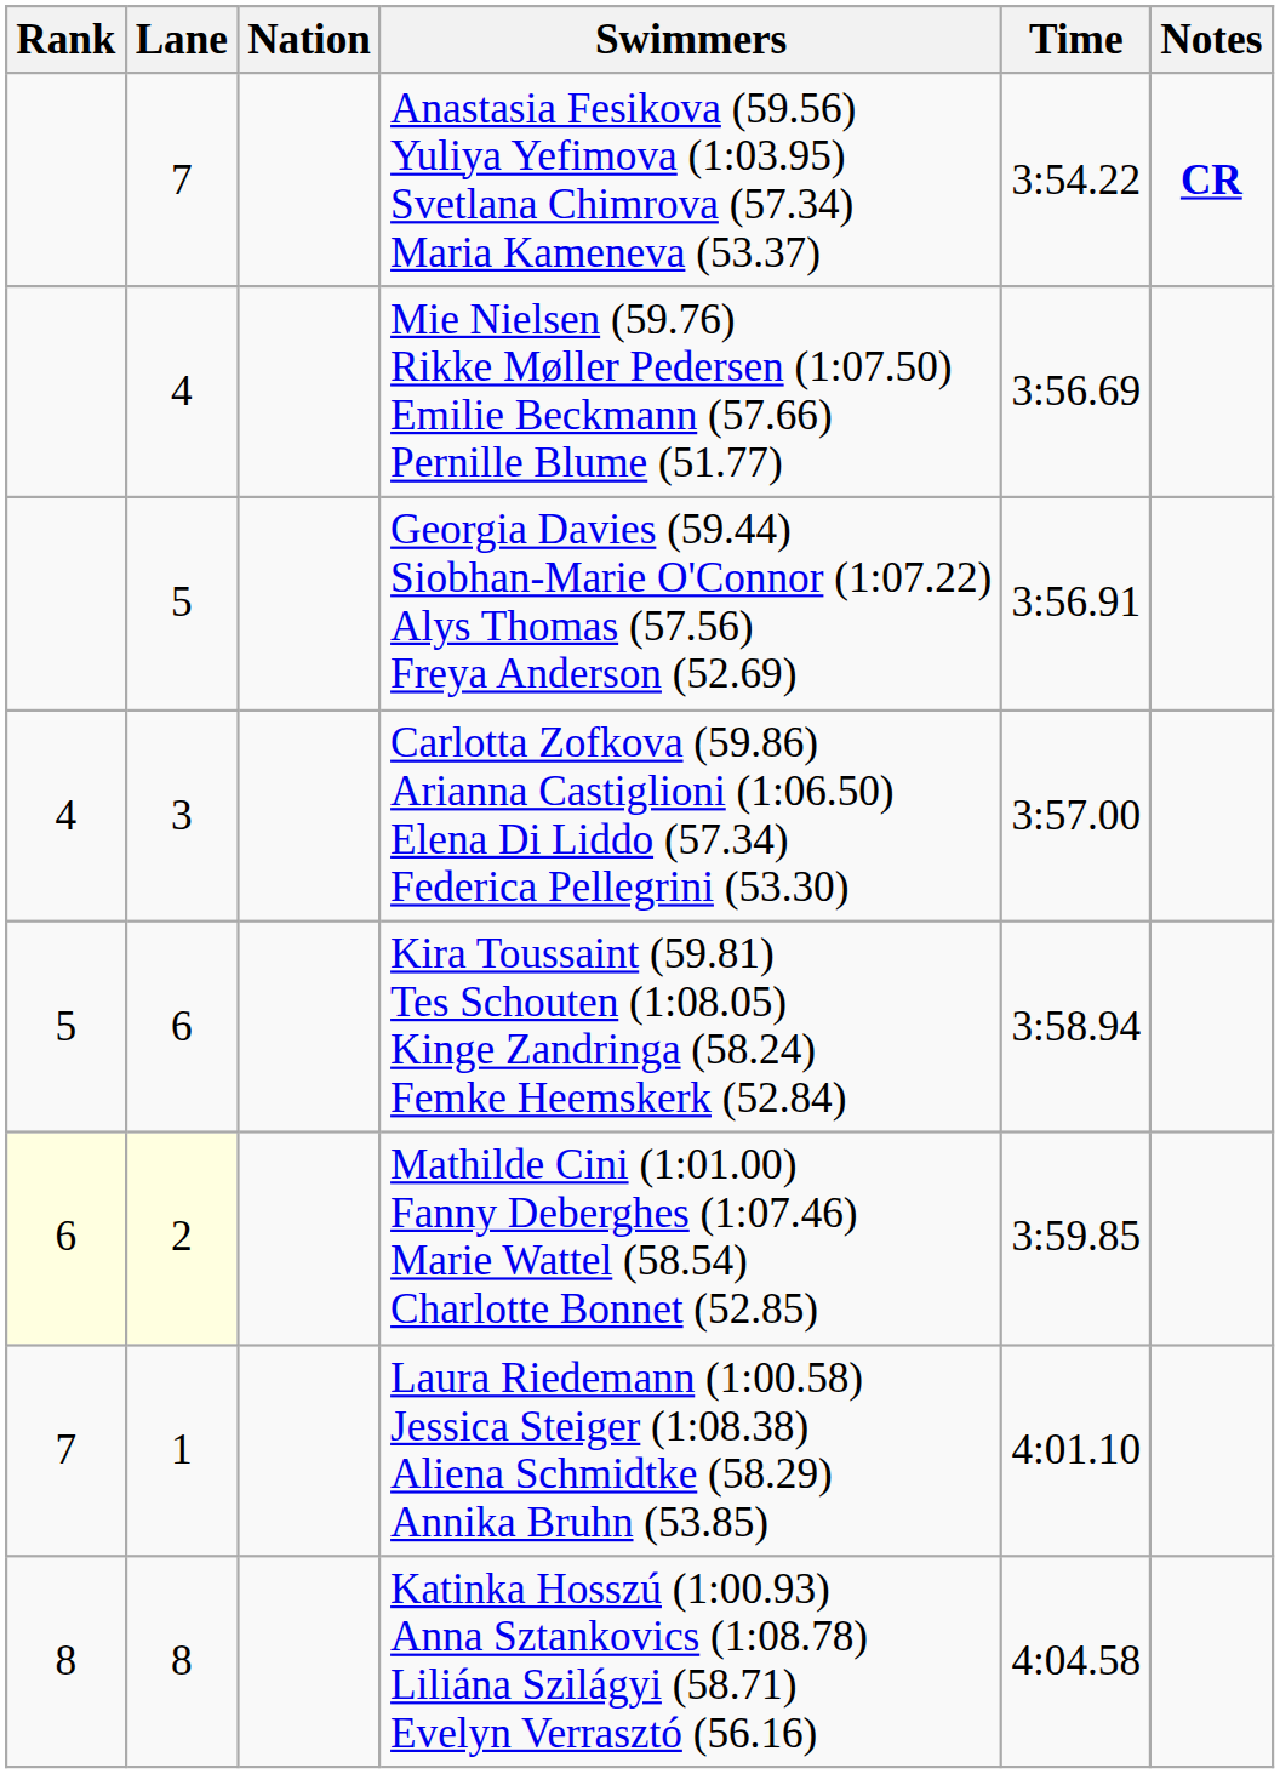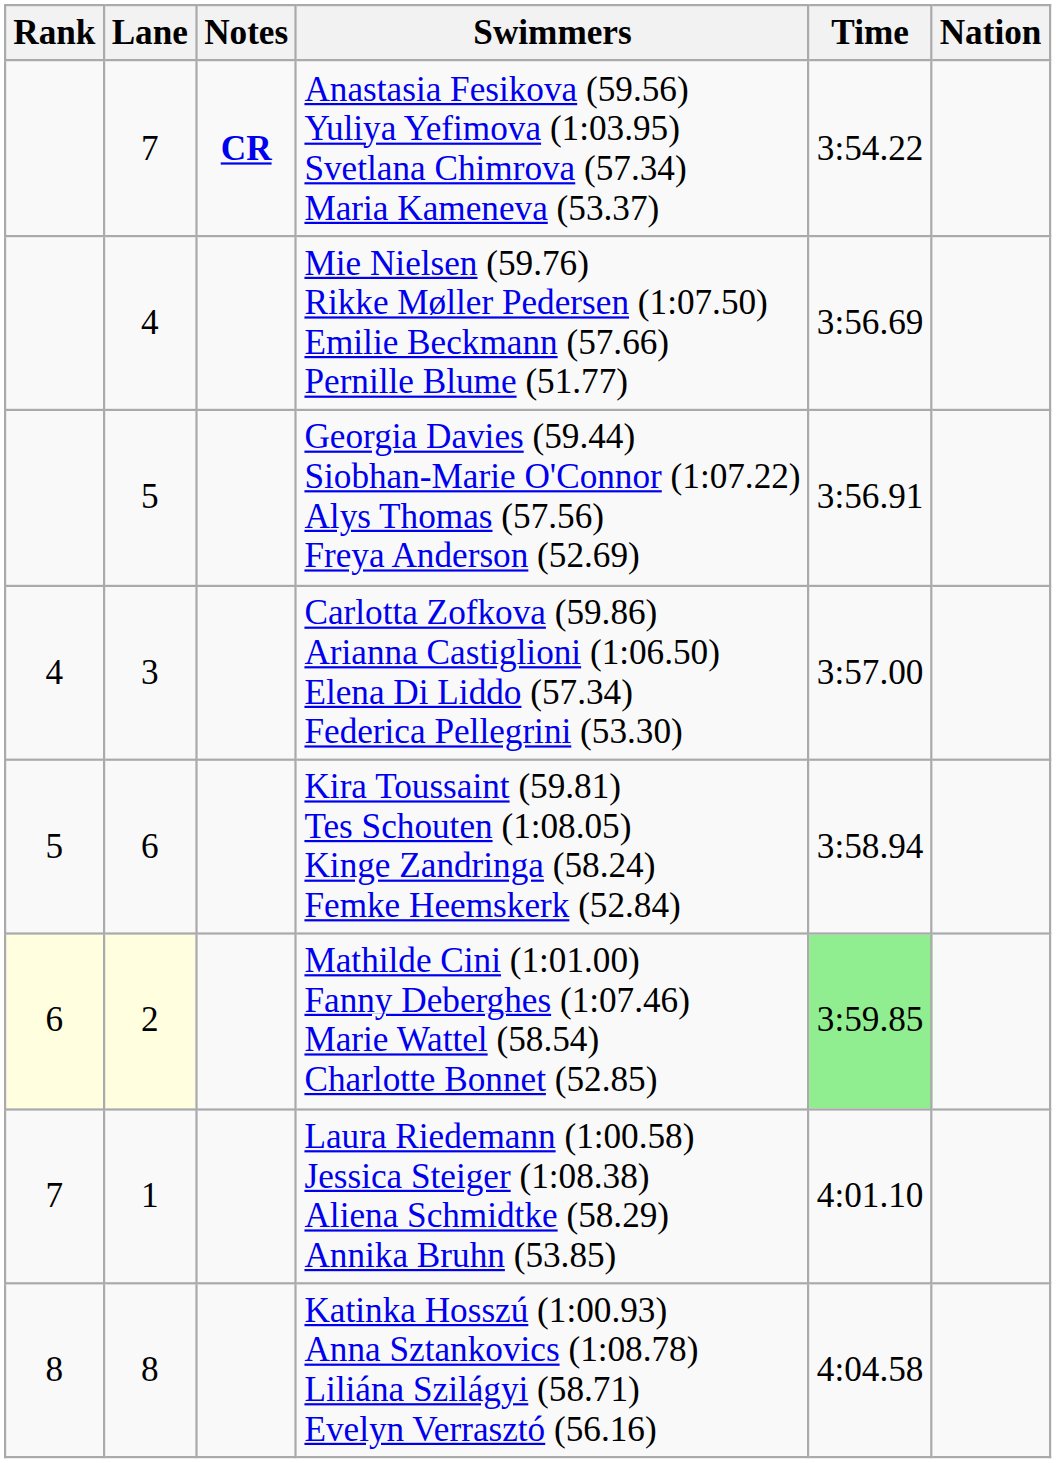 <table class="wikitable sortable" style="text-align:center">
 <tr>
 <th>Rank</th>
 <th>Lane</th>
-<th>Nation</th>
+<th>Notes</th>
 <th>Swimmers</th>
 <th>Time</th>
-<th>Notes</th>
+<th>Nation</th>
 </tr>
 <tr>
 <td></td>
 <td>7</td>
-<td align=left></td>
+<td><strong><a href='#'>CR</a></strong></td>
 <td align=left><a href='#'>Anastasia Fesikova</a> (59.56)<br><a href='#'>Yuliya Yefimova</a> (1:03.95)<br><a href='#'>Svetlana Chimrova</a> (57.34)<br><a href='#'>Maria Kameneva</a> (53.37)</td>
 <td>3:54.22</td>
-<td><strong><a href='#'>CR</a></strong></td>
+<td align=left></td>
 </tr>
 <tr>
 <td></td>
 <td>4</td>
-<td align=left></td>
+<td></td>
 <td align=left><a href='#'>Mie Nielsen</a> (59.76)<br><a href='#'>Rikke Møller Pedersen</a> (1:07.50)<br><a href='#'>Emilie Beckmann</a> (57.66)<br><a href='#'>Pernille Blume</a> (51.77)</td>
 <td>3:56.69</td>
-<td></td>
+<td align=left></td>
 </tr>
 <tr>
 <td></td>
 <td>5</td>
-<td align=left></td>
+<td></td>
 <td align=left><a href='#'>Georgia Davies</a> (59.44)<br><a href='#'>Siobhan-Marie O'Connor</a> (1:07.22)<br><a href='#'>Alys Thomas</a> (57.56)<br><a href='#'>Freya Anderson</a> (52.69)</td>
 <td>3:56.91</td>
-<td></td>
+<td align=left></td>
 </tr>
 <tr>
 <td>4</td>
 <td>3</td>
-<td align=left></td>
+<td></td>
 <td align=left><a href='#'>Carlotta Zofkova</a> (59.86)<br><a href='#'>Arianna Castiglioni</a> (1:06.50)<br><a href='#'>Elena Di Liddo</a> (57.34)<br><a href='#'>Federica Pellegrini</a> (53.30)</td>
 <td>3:57.00</td>
-<td></td>
+<td align=left></td>
 </tr>
 <tr>
 <td>5</td>
 <td>6</td>
-<td align=left></td>
+<td></td>
 <td align=left><a href='#'>Kira Toussaint</a> (59.81)<br><a href='#'>Tes Schouten</a> (1:08.05)<br><a href='#'>Kinge Zandringa</a> (58.24)<br><a href='#'>Femke Heemskerk</a> (52.84)</td>
 <td>3:58.94</td>
-<td></td>
+<td align=left></td>
 </tr>
 <tr>
 <td style="background: lightyellow;">6</td>
 <td style="background: lightyellow;">2</td>
+<td></td>
+<td align=left><a href='#'>Mathilde Cini</a> (1:01.00)<br><a href='#'>Fanny Deberghes</a> (1:07.46)<br><a href='#'>Marie Wattel</a> (58.54)<br><a href='#'>Charlotte Bonnet</a> (52.85)</td>
+<td style="background: lightgreen;">3:59.85</td>
 <td align=left></td>
-<td align=left><a href='#'>Mathilde Cini</a> (1:01.00)<br><a href='#'>Fanny Deberghes</a> (1:07.46)<br><a href='#'>Marie Wattel</a> (58.54)<br><a href='#'>Charlotte Bonnet</a> (52.85)</td>
-<td>3:59.85</td>
-<td></td>
 </tr>
 <tr>
 <td>7</td>
 <td>1</td>
-<td align=left></td>
+<td></td>
 <td align=left><a href='#'>Laura Riedemann</a> (1:00.58)<br><a href='#'>Jessica Steiger</a> (1:08.38)<br><a href='#'>Aliena Schmidtke</a> (58.29)<br><a href='#'>Annika Bruhn</a> (53.85)</td>
 <td>4:01.10</td>
-<td></td>
+<td align=left></td>
 </tr>
 <tr>
 <td>8</td>
 <td>8</td>
-<td align=left></td>
+<td></td>
 <td align=left><a href='#'>Katinka Hosszú</a> (1:00.93)<br><a href='#'>Anna Sztankovics</a> (1:08.78)<br><a href='#'>Liliána Szilágyi</a> (58.71)<br><a href='#'>Evelyn Verrasztó</a> (56.16)</td>
 <td>4:04.58</td>
-<td></td>
+<td align=left></td>
 </tr>
 </table>
